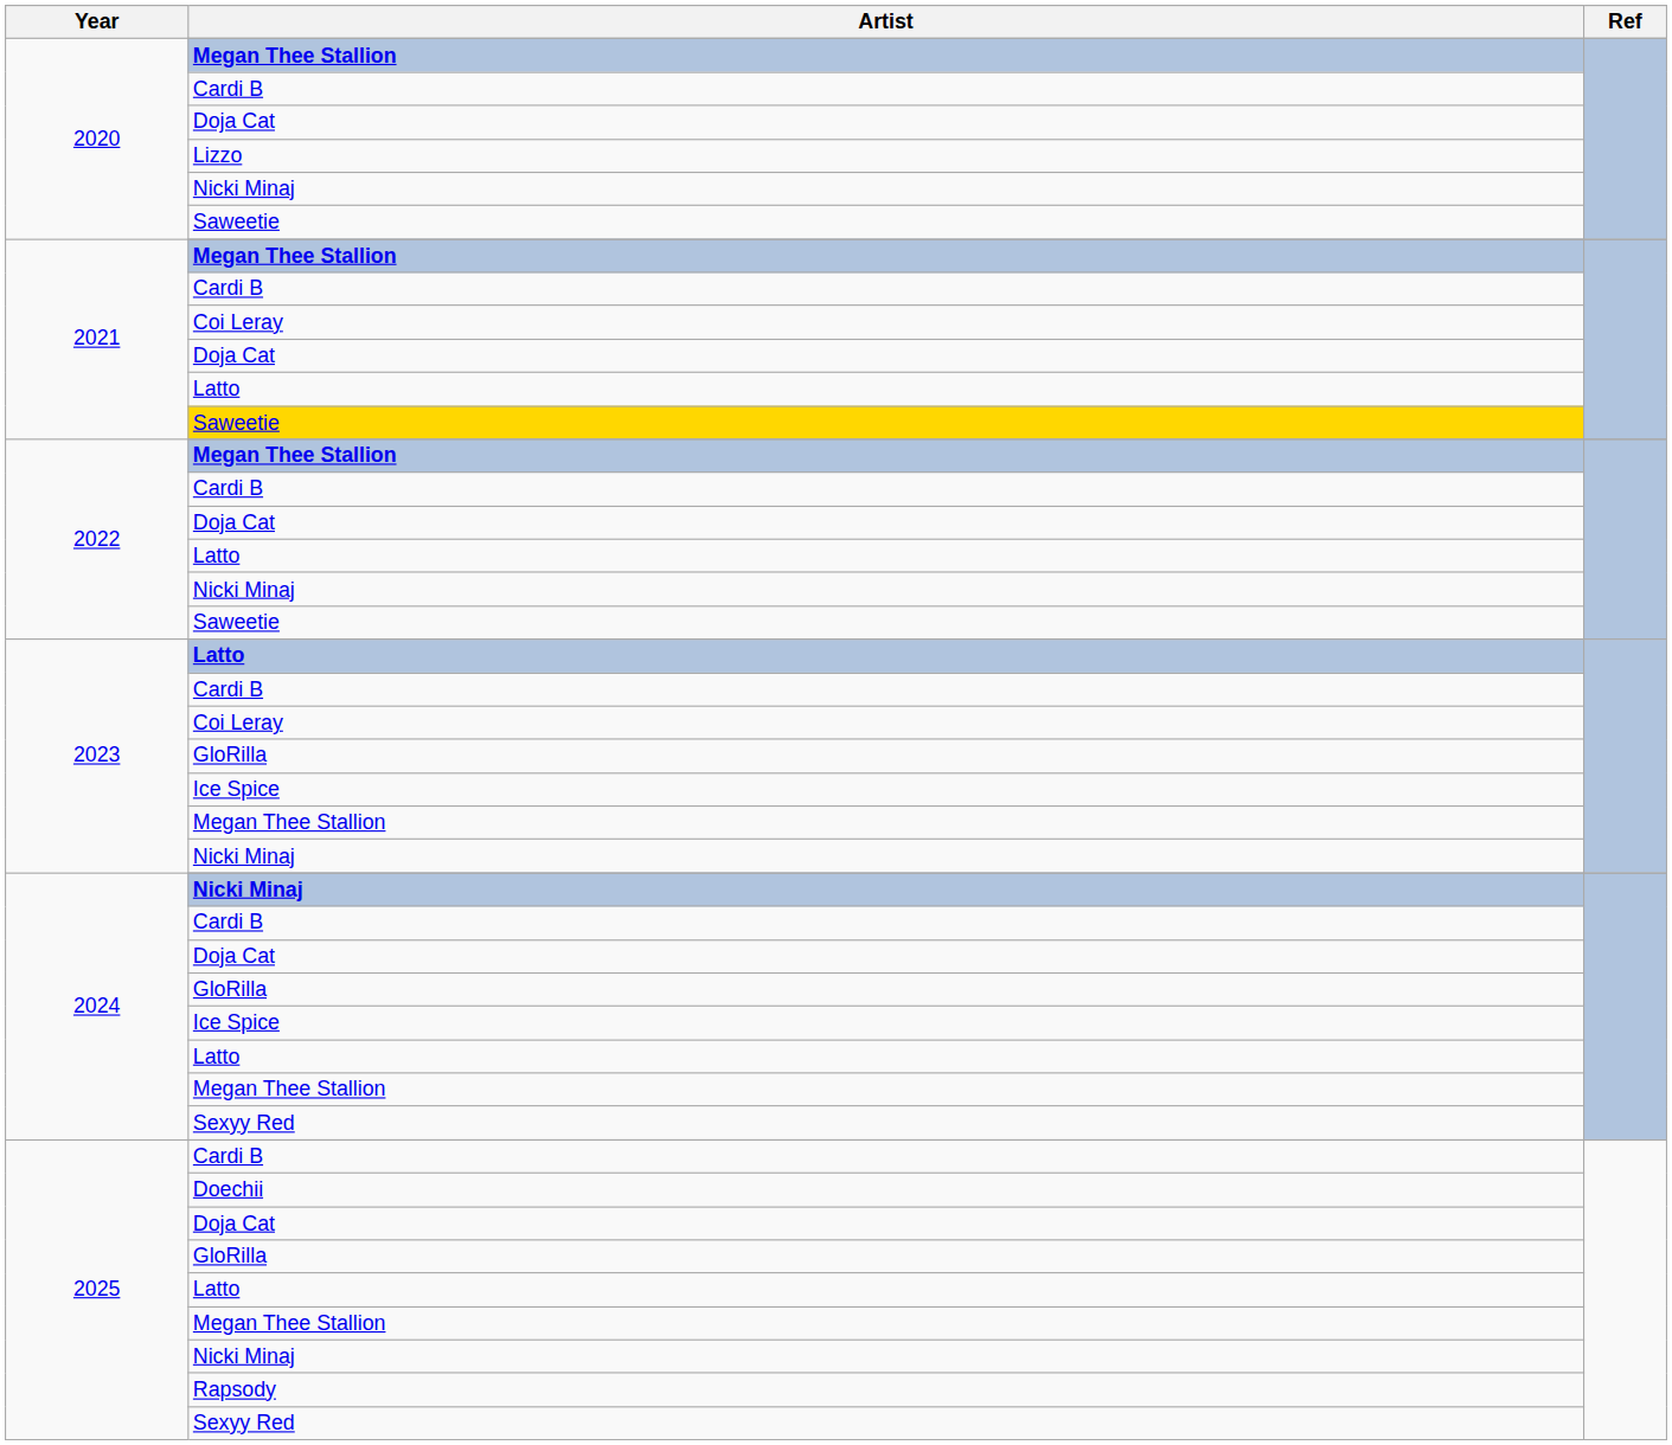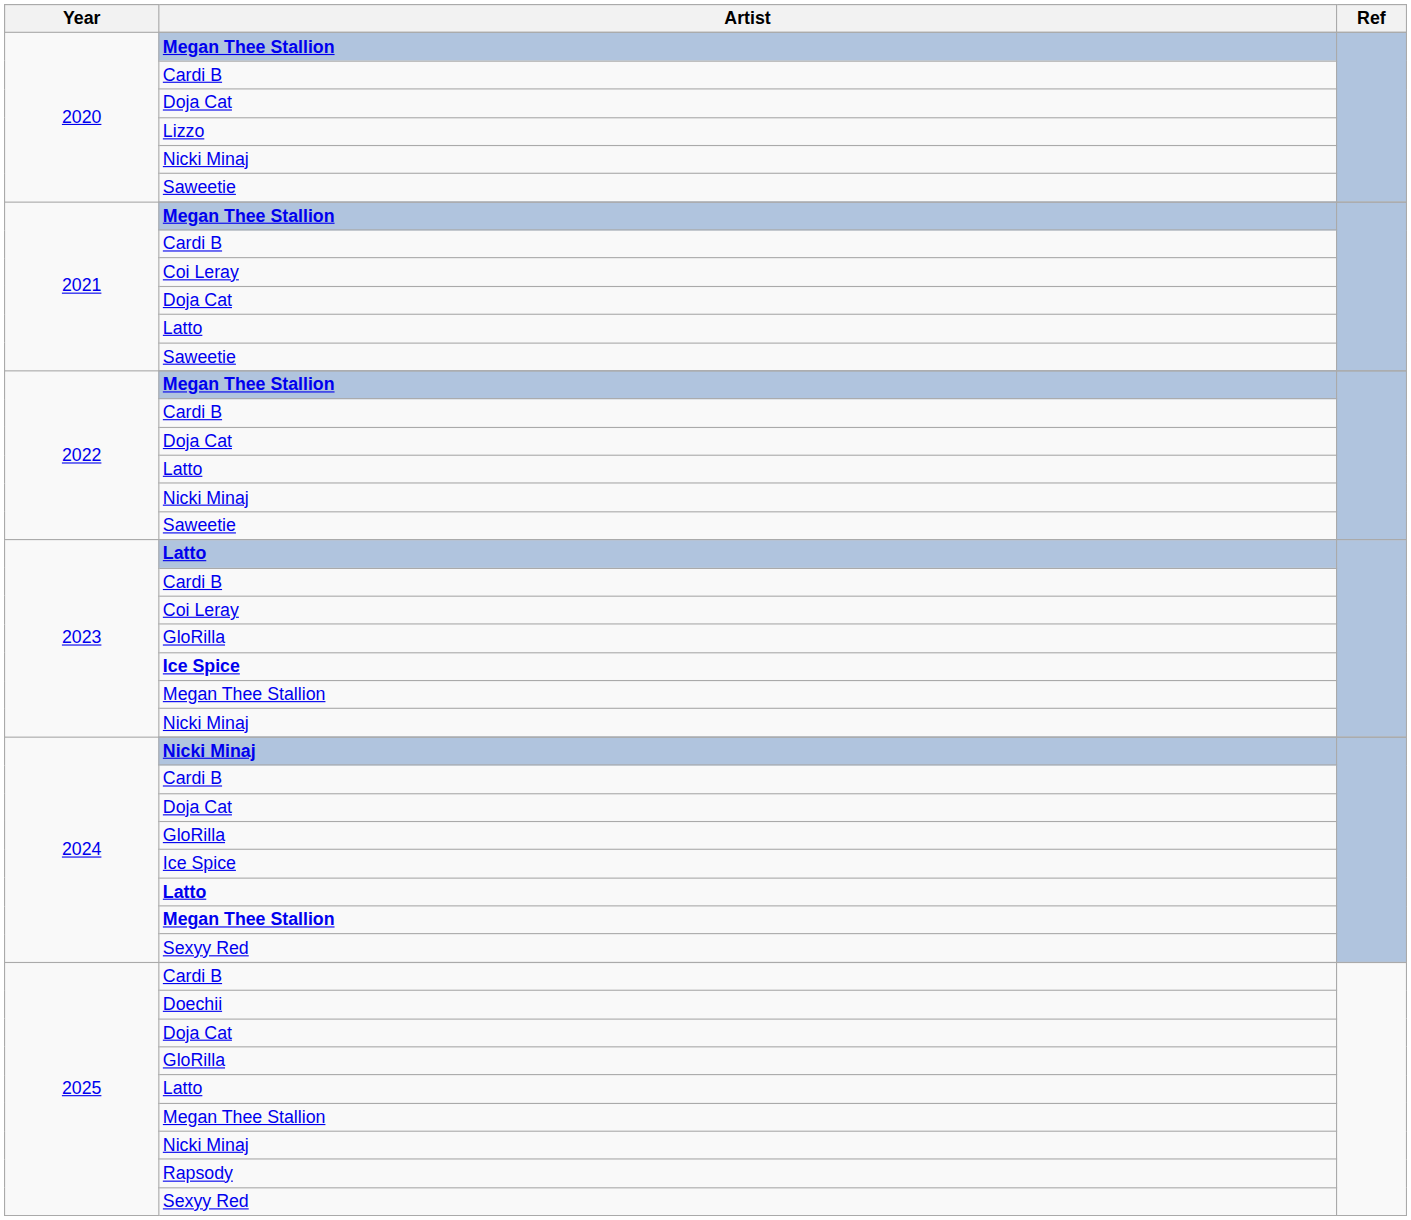 <table class="wikitable" style="width:100%;">
 <tr style="background:#bebebe;">
 <th style="width:11%;">Year</th>
 <th style="width:84%;">Artist</th>
 <th style="width:5%;">Ref</th>
 </tr>
 <tr>
 <td rowspan="7" align="center"><a href='#'>2020</a></td>
 </tr>
 <tr style="background:#B0C4DE">
 <td><strong><a href='#'>Megan Thee Stallion</a></strong></td>
 <td rowspan="6" align="center"></td>
 </tr>
 <tr>
 <td><a href='#'>Cardi B</a></td>
 </tr>
 <tr>
 <td><a href='#'>Doja Cat</a></td>
 </tr>
 <tr>
 <td><a href='#'>Lizzo</a></td>
 </tr>
 <tr>
 <td><a href='#'>Nicki Minaj</a></td>
 </tr>
 <tr>
 <td><a href='#'>Saweetie</a></td>
 </tr>
 <tr>
 <td rowspan="7" align="center"><a href='#'>2021</a></td>
 </tr>
 <tr style="background:#B0C4DE">
 <td><strong><a href='#'>Megan Thee Stallion</a></strong></td>
 <td rowspan="6" align="center"></td>
 </tr>
 <tr>
 <td><a href='#'>Cardi B</a></td>
 </tr>
 <tr>
 <td><a href='#'>Coi Leray</a></td>
 </tr>
 <tr>
 <td><a href='#'>Doja Cat</a></td>
 </tr>
 <tr>
 <td><a href='#'>Latto</a></td>
 </tr>
 <tr>
-<td style="background: gold;"><a href='#'>Saweetie</a></td>
+<td><a href='#'>Saweetie</a></td>
 </tr>
 <tr>
 <td rowspan="7" align="center"><a href='#'>2022</a></td>
 </tr>
 <tr style="background:#B0C4DE">
 <td><strong><a href='#'>Megan Thee Stallion</a></strong></td>
 <td rowspan="6" align="center"></td>
 </tr>
 <tr>
 <td><a href='#'>Cardi B</a></td>
 </tr>
 <tr>
 <td><a href='#'>Doja Cat</a></td>
 </tr>
 <tr>
 <td><a href='#'>Latto</a></td>
 </tr>
 <tr>
 <td><a href='#'>Nicki Minaj</a></td>
 </tr>
 <tr>
 <td><a href='#'>Saweetie</a></td>
 </tr>
 <tr>
 <td rowspan="8" align="center"><a href='#'>2023</a></td>
 </tr>
 <tr style="background:#B0C4DE">
 <td><strong><a href='#'>Latto</a></strong></td>
 <td rowspan="7" align="center"></td>
 </tr>
 <tr>
 <td><a href='#'>Cardi B</a></td>
 </tr>
 <tr>
 <td><a href='#'>Coi Leray</a></td>
 </tr>
 <tr>
 <td><a href='#'>GloRilla</a></td>
 </tr>
 <tr>
-<td><a href='#'>Ice Spice</a></td>
+<td><strong><a href='#'>Ice Spice</a></strong></td>
 </tr>
 <tr>
 <td><a href='#'>Megan Thee Stallion</a></td>
 </tr>
 <tr>
 <td><a href='#'>Nicki Minaj</a></td>
 </tr>
 <tr>
 <td rowspan="9" align="center"><a href='#'>2024</a></td>
 </tr>
 <tr style="background:#B0C4DE">
 <td><strong><a href='#'>Nicki Minaj</a></strong></td>
 <td rowspan="8" align="center"></td>
 </tr>
 <tr>
 <td><a href='#'>Cardi B</a></td>
 </tr>
 <tr>
 <td><a href='#'>Doja Cat</a></td>
 </tr>
 <tr>
 <td><a href='#'>GloRilla</a></td>
 </tr>
 <tr>
 <td><a href='#'>Ice Spice</a></td>
 </tr>
 <tr>
-<td><a href='#'>Latto</a></td>
+<td><strong><a href='#'>Latto</a></strong></td>
 </tr>
 <tr>
-<td><a href='#'>Megan Thee Stallion</a></td>
+<td><strong><a href='#'>Megan Thee Stallion</a></strong></td>
 </tr>
 <tr>
 <td><a href='#'>Sexyy Red</a></td>
 </tr>
 <tr>
 <td rowspan="10" align="center"><a href='#'>2025</a></td>
 </tr>
 <tr>
 <td><a href='#'>Cardi B</a></td>
 <td rowspan="9" align="center"></td>
 </tr>
 <tr>
 <td><a href='#'>Doechii</a></td>
 </tr>
 <tr>
 <td><a href='#'>Doja Cat</a></td>
 </tr>
 <tr>
 <td><a href='#'>GloRilla</a></td>
 </tr>
 <tr>
 <td><a href='#'>Latto</a></td>
 </tr>
 <tr>
 <td><a href='#'>Megan Thee Stallion</a></td>
 </tr>
 <tr>
 <td><a href='#'>Nicki Minaj</a></td>
 </tr>
 <tr>
 <td><a href='#'>Rapsody</a></td>
 </tr>
 <tr>
 <td><a href='#'>Sexyy Red</a></td>
 </tr>
 </table>
